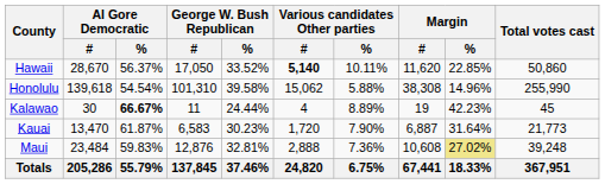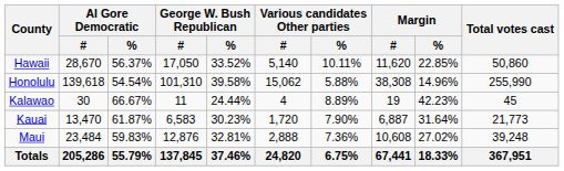 <table width="60%"  class="wikitable sortable" style="text-align:center">
 <tr>
 <th style="text-align:center;" rowspan="2">County</th>
 <th style="text-align:center;" colspan="2">Al Gore<br>Democratic</th>
 <th style="text-align:center;" colspan="2">George W. Bush<br>Republican</th>
 <th style="text-align:center;" colspan="2">Various candidates<br>Other parties</th>
 <th style="text-align:center;" colspan="2">Margin</th>
 <th style="text-align:center;" rowspan="2">Total votes cast</th>
 </tr>
 <tr>
 <th style="text-align:center;" data-sort-type="number">#</th>
 <th style="text-align:center;" data-sort-type="number">%</th>
 <th style="text-align:center;" data-sort-type="number">#</th>
 <th style="text-align:center;" data-sort-type="number">%</th>
 <th style="text-align:center;" data-sort-type="number">#</th>
 <th style="text-align:center;" data-sort-type="number">%</th>
 <th style="text-align:center;" data-sort-type="number">#</th>
 <th style="text-align:center;" data-sort-type="number">%</th>
 </tr>
 <tr style="text-align:center;">
 <td><a href='#'>Hawaii</a></td>
 <td>28,670</td>
 <td>56.37%</td>
 <td>17,050</td>
 <td>33.52%</td>
-<td><strong>5,140</strong></td>
+<td>5,140</td>
 <td>10.11%</td>
 <td>11,620</td>
 <td>22.85%</td>
 <td>50,860</td>
 </tr>
 <tr style="text-align:center;">
 <td><a href='#'>Honolulu</a></td>
 <td>139,618</td>
 <td>54.54%</td>
 <td>101,310</td>
 <td>39.58%</td>
 <td>15,062</td>
 <td>5.88%</td>
 <td>38,308</td>
 <td>14.96%</td>
 <td>255,990</td>
 </tr>
 <tr style="text-align:center;">
 <td><a href='#'>Kalawao</a></td>
 <td>30</td>
-<td><strong>66.67%</strong></td>
+<td>66.67%</td>
 <td>11</td>
 <td>24.44%</td>
 <td>4</td>
 <td>8.89%</td>
 <td>19</td>
 <td>42.23%</td>
 <td>45</td>
 </tr>
 <tr style="text-align:center;">
 <td><a href='#'>Kauai</a></td>
 <td>13,470</td>
 <td>61.87%</td>
 <td>6,583</td>
 <td>30.23%</td>
 <td>1,720</td>
 <td>7.90%</td>
 <td>6,887</td>
 <td>31.64%</td>
 <td>21,773</td>
 </tr>
 <tr style="text-align:center;">
 <td><a href='#'>Maui</a></td>
 <td>23,484</td>
 <td>59.83%</td>
 <td>12,876</td>
 <td>32.81%</td>
 <td>2,888</td>
 <td>7.36%</td>
 <td>10,608</td>
-<td style="background: khaki;">27.02%</td>
+<td>27.02%</td>
 <td>39,248</td>
 </tr>
 <tr>
 <th>Totals</th>
 <th>205,286</th>
 <th>55.79%</th>
 <th>137,845</th>
 <th>37.46%</th>
 <th>24,820</th>
 <th>6.75%</th>
 <th>67,441</th>
 <th>18.33%</th>
 <th>367,951</th>
 </tr>
 </table>
